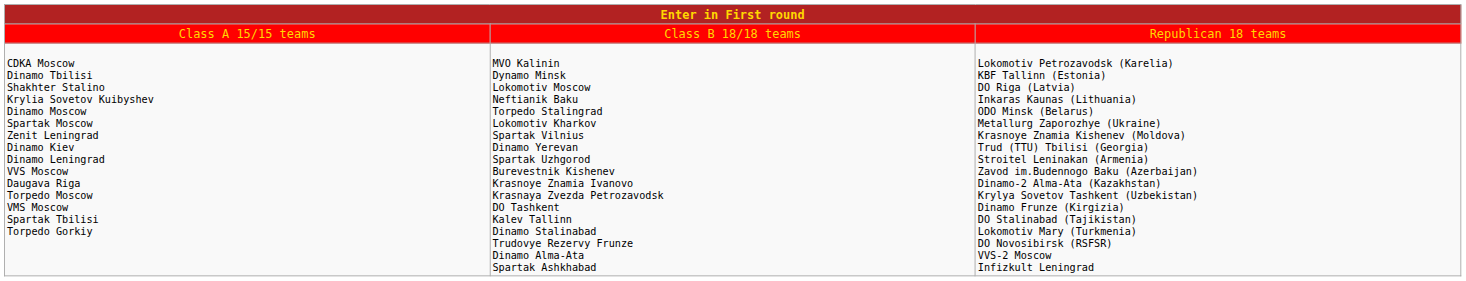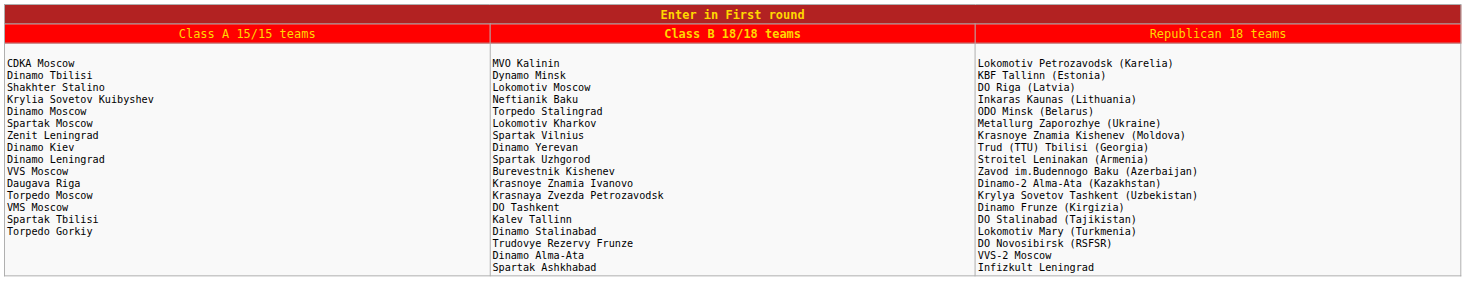 <table class="wikitable" style="width:100%;">
 <tr style="background:Firebrick; text-align:center;">
 <td style="width:90%; color:Gold" colspan="3"><strong>Enter in First round</strong></td>
 </tr>
 <tr style="background:Red;">
 <td style="text-align:center; width:30%; color:Gold" colspan=1>Class A 15/15 teams</td>
-<td style="text-align:center; width:30%; color:Gold" colspan=1>Class B 18/18 teams</td>
+<td style="text-align:center; width:30%; color:Gold" colspan=1><strong>Class B 18/18 teams</strong></td>
 <td style="text-align:center; width:30%; color:Gold" colspan=1>Republican 18 teams</td>
 </tr>
 <tr style="vertical-align:top; font-size:85%;">
 <td rowspan=3><br> CDKA Moscow<br>  Dinamo Tbilisi<br>  Shakhter Stalino<br>  Krylia Sovetov Kuibyshev<br>  Dinamo Moscow<br>  Spartak Moscow<br>  Zenit Leningrad<br>  Dinamo Kiev<br>  Dinamo Leningrad<br>  VVS Moscow<br>  Daugava Riga<br>  Torpedo Moscow<br>  VMS Moscow<br>  Spartak Tbilisi<br>  Torpedo Gorkiy<br></td>
 <td><br> MVO Kalinin<br>  Dynamo Minsk<br>  Lokomotiv Moscow<br>  Neftianik Baku<br>  Torpedo Stalingrad<br>  Lokomotiv Kharkov<br>  Spartak Vilnius<br>  Dinamo Yerevan<br>  Spartak Uzhgorod<br>  Burevestnik Kishenev<br>  Krasnoye Znamia Ivanovo<br>  Krasnaya Zvezda Petrozavodsk<br>  DO Tashkent<br>  Kalev Tallinn<br>  Dinamo Stalinabad<br>  Trudovye Rezervy Frunze<br>  Dinamo Alma-Ata<br>  Spartak Ashkhabad<br></td>
 <td><br> Lokomotiv Petrozavodsk (Karelia)<br>  KBF Tallinn (Estonia)<br>  DO Riga (Latvia)<br>  Inkaras Kaunas (Lithuania)<br>  ODO Minsk (Belarus)<br>  Metallurg Zaporozhye (Ukraine)<br>  Krasnoye Znamia Kishenev (Moldova)<br>  Trud (TTU) Tbilisi (Georgia)<br>  Stroitel Leninakan (Armenia)<br>  Zavod im.Budennogo Baku (Azerbaijan)<br>  Dinamo-2 Alma-Ata (Kazakhstan)<br>  Krylya Sovetov Tashkent (Uzbekistan)<br>  Dinamo Frunze (Kirgizia)<br>  DO Stalinabad (Tajikistan)<br>  Lokomotiv Mary (Turkmenia)<br>  DO Novosibirsk (RSFSR)<br>  VVS-2 Moscow<br>  Infizkult Leningrad<br></td>
 </tr>
 </table>
